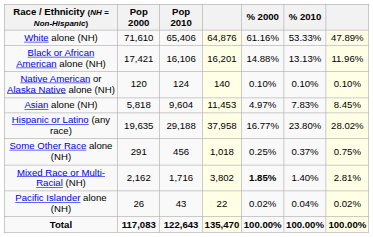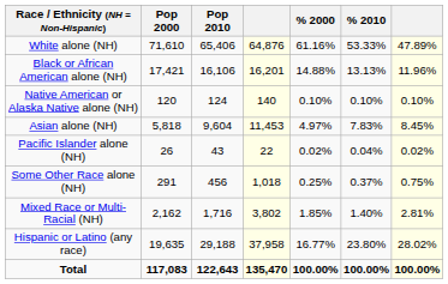 <table class="wikitable" style="text-align:center;">
 <tr>
 <th>Race / Ethnicity <small>(<em>NH = Non-Hispanic</em>)</small></th>
 <th>Pop 2000</th>
 <th>Pop 2010</th>
 <th></th>
 <th>% 2000</th>
 <th>% 2010</th>
 <th></th>
 </tr>
 <tr>
 <td><a href='#'>White</a> alone (NH)</td>
 <td>71,610</td>
 <td>65,406</td>
 <td style='background: #ffffe6;'>64,876</td>
 <td>61.16%</td>
 <td>53.33%</td>
 <td style='background: #ffffe6;'>47.89%</td>
 </tr>
 <tr>
 <td><a href='#'>Black or African American</a> alone (NH)</td>
 <td>17,421</td>
 <td>16,106</td>
 <td style='background: #ffffe6;'>16,201</td>
 <td>14.88%</td>
 <td>13.13%</td>
 <td style='background: #ffffe6;'>11.96%</td>
 </tr>
 <tr>
 <td><a href='#'>Native American</a> or <a href='#'>Alaska Native</a> alone (NH)</td>
 <td>120</td>
 <td>124</td>
 <td style='background: #ffffe6;'>140</td>
 <td>0.10%</td>
 <td>0.10%</td>
 <td style='background: #ffffe6;'>0.10%</td>
 </tr>
 <tr>
 <td><a href='#'>Asian</a> alone (NH)</td>
 <td>5,818</td>
 <td>9,604</td>
 <td style='background: #ffffe6;'>11,453</td>
 <td>4.97%</td>
 <td>7.83%</td>
 <td style='background: #ffffe6;'>8.45%</td>
 </tr>
 <tr>
-<td><a href='#'>Hispanic or Latino</a> (any race)</td>
-<td>19,635</td>
-<td>29,188</td>
-<td style='background: #ffffe6;'>37,958</td>
-<td>16.77%</td>
-<td>23.80%</td>
-<td style='background: #ffffe6;'>28.02%</td>
+<td><a href='#'>Pacific Islander</a> alone (NH)</td>
+<td>26</td>
+<td>43</td>
+<td style='background: #ffffe6;'>22</td>
+<td>0.02%</td>
+<td>0.04%</td>
+<td style='background: #ffffe6;'>0.02%</td>
 </tr>
 <tr>
 <td><a href='#'>Some Other Race</a> alone (NH)</td>
 <td>291</td>
 <td>456</td>
 <td style='background: #ffffe6;'>1,018</td>
 <td>0.25%</td>
 <td>0.37%</td>
 <td style='background: #ffffe6;'>0.75%</td>
 </tr>
 <tr>
 <td><a href='#'>Mixed Race or Multi-Racial</a> (NH)</td>
 <td>2,162</td>
 <td>1,716</td>
 <td style='background: #ffffe6;'>3,802</td>
-<td><strong>1.85%</strong></td>
+<td>1.85%</td>
 <td>1.40%</td>
 <td style='background: #ffffe6;'>2.81%</td>
 </tr>
 <tr>
-<td><a href='#'>Pacific Islander</a> alone (NH)</td>
-<td>26</td>
-<td>43</td>
-<td style='background: #ffffe6;'>22</td>
-<td>0.02%</td>
-<td>0.04%</td>
-<td style='background: #ffffe6;'>0.02%</td>
+<td><a href='#'>Hispanic or Latino</a> (any race)</td>
+<td>19,635</td>
+<td>29,188</td>
+<td style='background: #ffffe6;'>37,958</td>
+<td>16.77%</td>
+<td>23.80%</td>
+<td style='background: #ffffe6;'>28.02%</td>
 </tr>
 <tr>
 <td><strong>Total</strong></td>
 <td><strong>117,083</strong></td>
 <td><strong>122,643</strong></td>
 <td style='background: #ffffe6;'><strong>135,470</strong></td>
 <td><strong>100.00%</strong></td>
 <td><strong>100.00%</strong></td>
 <td style='background: #ffffe6;'><strong>100.00%</strong></td>
 </tr>
 </table>
